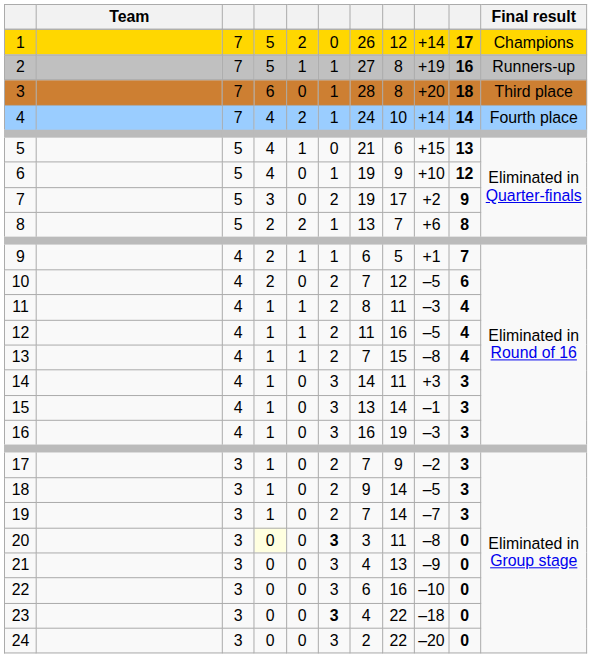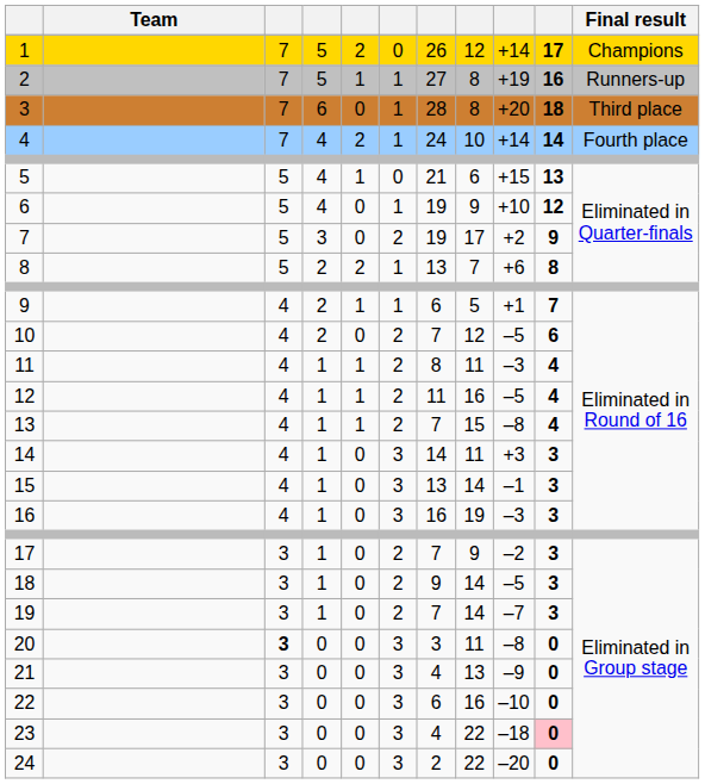 <table class=wikitable style="text-align:center">
 <tr>
 <th width="25"></th>
 <th width="180">Team</th>
 <th width="25"></th>
 <th width="25"></th>
 <th width="25"></th>
 <th width="25"></th>
 <th width="25"></th>
 <th width="25"></th>
 <th width="25"></th>
 <th width="25"></th>
 <th width="100">Final result</th>
 </tr>
 <tr>
 </tr>
 <tr style="background: #FFD700;">
 <td>1</td>
 <td align=left></td>
 <td>7</td>
 <td>5</td>
 <td>2</td>
 <td>0</td>
 <td>26</td>
 <td>12</td>
 <td>+14</td>
 <td><strong>17 </strong></td>
 <td>Champions</td>
 </tr>
 <tr style="background: #C0C0C0;">
 <td>2</td>
 <td align=left></td>
 <td>7</td>
 <td>5</td>
 <td>1</td>
 <td>1</td>
 <td>27</td>
 <td>8</td>
 <td>+19</td>
 <td><strong>16 </strong></td>
 <td>Runners-up</td>
 </tr>
 <tr style="background: #CD7F32;">
 <td>3</td>
 <td align=left></td>
 <td>7</td>
 <td>6</td>
 <td>0</td>
 <td>1</td>
 <td>28</td>
 <td>8</td>
 <td>+20</td>
 <td><strong>18 </strong></td>
 <td>Third place</td>
 </tr>
 <tr bgcolor=#9acdff>
 <td>4</td>
 <td align=left></td>
 <td>7</td>
 <td>4</td>
 <td>2</td>
 <td>1</td>
 <td>24</td>
 <td>10</td>
 <td>+14</td>
 <td><strong>14 </strong></td>
 <td>Fourth place</td>
 </tr>
 <tr style="border-top:8px solid #BBBBBB;">
 <td>5</td>
 <td align=left></td>
 <td>5</td>
 <td>4</td>
 <td>1</td>
 <td>0</td>
 <td>21</td>
 <td>6</td>
 <td>+15</td>
 <td><strong>13 </strong></td>
 <td rowspan=4>Eliminated in <a href='#'>Quarter-finals</a></td>
 </tr>
 <tr>
 <td>6</td>
 <td align=left></td>
 <td>5</td>
 <td>4</td>
 <td>0</td>
 <td>1</td>
 <td>19</td>
 <td>9</td>
 <td>+10</td>
 <td><strong>12 </strong></td>
 </tr>
 <tr>
 <td>7</td>
 <td align=left></td>
 <td>5</td>
 <td>3</td>
 <td>0</td>
 <td>2</td>
 <td>19</td>
 <td>17</td>
 <td>+2</td>
 <td><strong>9 </strong></td>
 </tr>
 <tr>
 <td>8</td>
 <td align=left></td>
 <td>5</td>
 <td>2</td>
 <td>2</td>
 <td>1</td>
 <td>13</td>
 <td>7</td>
 <td>+6</td>
 <td><strong>8</strong></td>
 </tr>
 <tr style="border-top:8px solid #BBBBBB;">
 <td>9</td>
 <td align=left></td>
 <td>4</td>
 <td>2</td>
 <td>1</td>
 <td>1</td>
 <td>6</td>
 <td>5</td>
 <td>+1</td>
 <td><strong>7</strong></td>
 <td rowspan=8>Eliminated in <a href='#'>Round of 16</a></td>
 </tr>
 <tr>
 <td>10</td>
 <td align=left></td>
 <td>4</td>
 <td>2</td>
 <td>0</td>
 <td>2</td>
 <td>7</td>
 <td>12</td>
 <td>–5</td>
 <td><strong>6</strong></td>
 </tr>
 <tr>
 <td>11</td>
 <td align=left></td>
 <td>4</td>
 <td>1</td>
 <td>1</td>
 <td>2</td>
 <td>8</td>
 <td>11</td>
 <td>–3</td>
 <td><strong>4</strong></td>
 </tr>
 <tr>
 <td>12</td>
 <td align=left></td>
 <td>4</td>
 <td>1</td>
 <td>1</td>
 <td>2</td>
 <td>11</td>
 <td>16</td>
 <td>–5</td>
 <td><strong>4</strong></td>
 </tr>
 <tr>
 <td>13</td>
 <td align=left></td>
 <td>4</td>
 <td>1</td>
 <td>1</td>
 <td>2</td>
 <td>7</td>
 <td>15</td>
 <td>–8</td>
 <td><strong>4</strong></td>
 </tr>
 <tr>
 <td>14</td>
 <td align=left></td>
 <td>4</td>
 <td>1</td>
 <td>0</td>
 <td>3</td>
 <td>14</td>
 <td>11</td>
 <td>+3</td>
 <td><strong>3</strong></td>
 </tr>
 <tr>
 <td>15</td>
 <td align=left></td>
 <td>4</td>
 <td>1</td>
 <td>0</td>
 <td>3</td>
 <td>13</td>
 <td>14</td>
 <td>–1</td>
 <td><strong>3</strong></td>
 </tr>
 <tr>
 <td>16</td>
 <td align=left></td>
 <td>4</td>
 <td>1</td>
 <td>0</td>
 <td>3</td>
 <td>16</td>
 <td>19</td>
 <td>–3</td>
 <td><strong>3</strong></td>
 </tr>
 <tr style="border-top:8px solid #BBBBBB;">
 <td>17</td>
 <td align=left></td>
 <td>3</td>
 <td>1</td>
 <td>0</td>
 <td>2</td>
 <td>7</td>
 <td>9</td>
 <td>–2</td>
 <td><strong>3</strong></td>
 <td rowspan=8>Eliminated in <a href='#'>Group stage</a></td>
 </tr>
 <tr>
 <td>18</td>
 <td align=left></td>
 <td>3</td>
 <td>1</td>
 <td>0</td>
 <td>2</td>
 <td>9</td>
 <td>14</td>
 <td>–5</td>
 <td><strong>3</strong></td>
 </tr>
 <tr>
 <td>19</td>
 <td align=left></td>
 <td>3</td>
 <td>1</td>
 <td>0</td>
 <td>2</td>
 <td>7</td>
 <td>14</td>
 <td>–7</td>
 <td><strong>3</strong></td>
 </tr>
 <tr>
 <td>20</td>
 <td align=left></td>
+<td><strong>3</strong></td>
+<td>0</td>
+<td>0</td>
 <td>3</td>
-<td style="background: lightyellow;">0</td>
-<td>0</td>
-<td><strong>3</strong></td>
 <td>3</td>
 <td>11</td>
 <td>–8</td>
 <td><strong>0</strong></td>
 </tr>
 <tr>
 <td>21</td>
 <td align=left></td>
 <td>3</td>
 <td>0</td>
 <td>0</td>
 <td>3</td>
 <td>4</td>
 <td>13</td>
 <td>–9</td>
 <td><strong>0</strong></td>
 </tr>
 <tr>
 <td>22</td>
 <td align=left></td>
 <td>3</td>
 <td>0</td>
 <td>0</td>
 <td>3</td>
 <td>6</td>
 <td>16</td>
 <td>–10</td>
 <td><strong>0</strong></td>
 </tr>
 <tr>
 <td>23</td>
 <td align=left></td>
 <td>3</td>
 <td>0</td>
 <td>0</td>
-<td><strong>3</strong></td>
+<td>3</td>
 <td>4</td>
 <td>22</td>
 <td>–18</td>
-<td><strong>0</strong></td>
+<td style="background: pink;"><strong>0</strong></td>
 </tr>
 <tr>
 <td>24</td>
 <td align=left></td>
 <td>3</td>
 <td>0</td>
 <td>0</td>
 <td>3</td>
 <td>2</td>
 <td>22</td>
 <td>–20</td>
 <td><strong>0</strong></td>
 </tr>
 </table>
